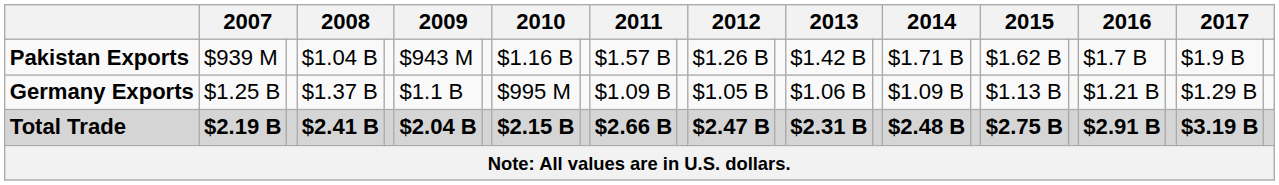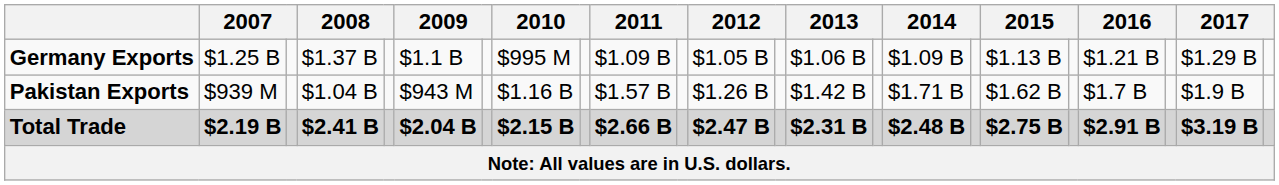 <table class="wikitable">
 <tr>
 <th></th>
 <th colspan="2">2007</th>
 <th colspan="2">2008</th>
 <th colspan="2">2009</th>
 <th colspan="2">2010</th>
 <th colspan="2">2011</th>
 <th colspan="2">2012</th>
 <th colspan="2">2013</th>
 <th colspan="2">2014</th>
 <th colspan="2">2015</th>
 <th colspan="2">2016</th>
 <th colspan="2">2017</th>
+</tr>
+<tr>
+<td> <strong>Germany Exports</strong></td>
+<td>$1.25 B</td>
+<td></td>
+<td>$1.37 B</td>
+<td></td>
+<td>$1.1 B</td>
+<td></td>
+<td>$995 M</td>
+<td></td>
+<td>$1.09 B</td>
+<td></td>
+<td>$1.05 B</td>
+<td></td>
+<td>$1.06 B</td>
+<td></td>
+<td>$1.09 B</td>
+<td></td>
+<td>$1.13 B</td>
+<td></td>
+<td>$1.21 B</td>
+<td></td>
+<td>$1.29 B</td>
+<td></td>
 </tr>
 <tr>
 <td> <strong>Pakistan Exports</strong></td>
 <td>$939 M</td>
 <td></td>
 <td>$1.04 B</td>
 <td></td>
 <td>$943 M</td>
 <td></td>
 <td>$1.16 B</td>
 <td></td>
 <td>$1.57 B</td>
 <td></td>
 <td>$1.26 B</td>
 <td></td>
 <td>$1.42 B</td>
 <td></td>
 <td>$1.71 B</td>
 <td></td>
 <td>$1.62 B</td>
 <td></td>
 <td>$1.7 B</td>
 <td></td>
 <td>$1.9 B</td>
-<td></td>
-</tr>
-<tr>
-<td> <strong>Germany Exports</strong></td>
-<td>$1.25 B</td>
-<td></td>
-<td>$1.37 B</td>
-<td></td>
-<td>$1.1 B</td>
-<td></td>
-<td>$995 M</td>
-<td></td>
-<td>$1.09 B</td>
-<td></td>
-<td>$1.05 B</td>
-<td></td>
-<td>$1.06 B</td>
-<td></td>
-<td>$1.09 B</td>
-<td></td>
-<td>$1.13 B</td>
-<td></td>
-<td>$1.21 B</td>
-<td></td>
-<td>$1.29 B</td>
 <td></td>
 </tr>
 <tr>
 <td style='background: #D5D5D5;'><strong>Total Trade</strong></td>
 <td style='background: #D5D5D5;'><strong>$2.19 B</strong></td>
 <td style='background: #D5D5D5;'></td>
 <td style='background: #D5D5D5;'><strong>$2.41 B</strong></td>
 <td style='background: #D5D5D5;'></td>
 <td style='background: #D5D5D5;'><strong>$2.04 B</strong></td>
 <td style='background: #D5D5D5;'></td>
 <td style='background: #D5D5D5;'><strong>$2.15 B</strong></td>
 <td style='background: #D5D5D5;'></td>
 <td style='background: #D5D5D5;'><strong>$2.66 B</strong></td>
 <td style='background: #D5D5D5;'></td>
 <td style='background: #D5D5D5;'><strong>$2.47 B</strong></td>
 <td style='background: #D5D5D5;'></td>
 <td style='background: #D5D5D5;'><strong>$2.31 B</strong></td>
 <td style='background: #D5D5D5;'></td>
 <td style='background: #D5D5D5;'><strong>$2.48 B</strong></td>
 <td style='background: #D5D5D5;'></td>
 <td style='background: #D5D5D5;'><strong>$2.75 B</strong></td>
 <td style='background: #D5D5D5;'></td>
 <td style='background: #D5D5D5;'><strong>$2.91 B</strong></td>
 <td style='background: #D5D5D5;'></td>
 <td style='background: #D5D5D5;'><strong>$3.19 B</strong></td>
 <td style='background: #D5D5D5;'></td>
 </tr>
 <tr>
 <th colspan="23"><small>Note: All values are in U.S. dollars.</small></th>
 </tr>
 </table>
